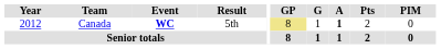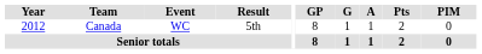 <table border="0" cellpadding="1" cellspacing="0" ID="Table3" style="text-align:center; width:40em">
 <tr ALIGN="center" bgcolor="#e0e0e0">
 <th>Year</th>
 <th>Team</th>
 <th>Event</th>
 <th>Result</th>
 <th rowspan="99" bgcolor="#ffffff"></th>
 <th>GP</th>
 <th>G</th>
 <th>A</th>
 <th>Pts</th>
 <th>PIM</th>
 </tr>
 <tr>
 <td><a href='#'>2012</a></td>
 <td><a href='#'>Canada</a></td>
-<td><strong><a href='#'>WC</a></strong></td>
+<td><a href='#'>WC</a></td>
 <td>5th</td>
-<td style="background: khaki;">8</td>
+<td>8</td>
 <td>1</td>
-<td><strong>1</strong></td>
+<td>1</td>
 <td>2</td>
 <td>0</td>
 </tr>
 <tr bgcolor="#e0e0e0">
 <th colspan="4">Senior totals</th>
 <th>8</th>
 <th>1</th>
 <th>1</th>
 <th>2</th>
 <th>0</th>
 </tr>
 </table>
